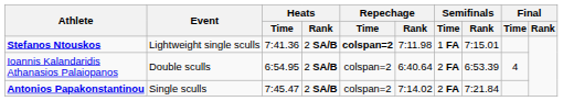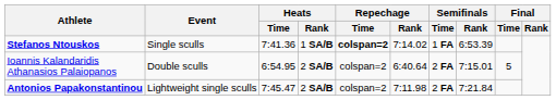 <table class="wikitable" style="font-size:90%">
 <tr>
 <th rowspan="2">Athlete</th>
 <th rowspan="2">Event</th>
 <th colspan="2">Heats</th>
 <th colspan="2">Repechage</th>
 <th colspan="2">Semifinals</th>
 <th colspan="2">Final</th>
 </tr>
 <tr style="font-size:95%">
 <th>Time</th>
 <th>Rank</th>
 <th>Time</th>
 <th>Rank</th>
 <th>Time</th>
 <th>Rank</th>
 <th>Time</th>
 <th>Rank</th>
 </tr>
 <tr align=center>
 <td align=left><strong><a href='#'>Stefanos Ntouskos</a></strong></td>
-<td align=left>Lightweight single sculls</td>
+<td align=left>Single sculls</td>
 <td>7:41.36</td>
-<td>2 <strong>SA/B</strong></td>
+<td>1 <strong>SA/B</strong></td>
 <td><strong>colspan=2</strong></td>
-<td>7:11.98</td>
+<td>7:14.02</td>
 <td>1 <strong>FA</strong></td>
-<td>7:15.01</td>
+<td>6:53.39</td>
 <td></td>
 </tr>
 <tr align=center>
 <td align=left><a href='#'>Ioannis Kalandaridis</a><br><a href='#'>Athanasios Palaiopanos</a></td>
 <td align=left>Double sculls</td>
 <td>6:54.95</td>
 <td>2 <strong>SA/B</strong></td>
 <td>colspan=2</td>
 <td>6:40.64</td>
 <td>2 <strong>FA</strong></td>
-<td>6:53.39</td>
-<td>4</td>
+<td>7:15.01</td>
+<td>5</td>
 </tr>
 <tr align=center>
 <td align=left><strong><a href='#'>Antonios Papakonstantinou</a></strong></td>
-<td align=left>Single sculls</td>
+<td align=left>Lightweight single sculls</td>
 <td>7:45.47</td>
 <td>2 <strong>SA/B</strong></td>
 <td>colspan=2</td>
-<td>7:14.02</td>
+<td>7:11.98</td>
 <td>2 <strong>FA</strong></td>
 <td>7:21.84</td>
 <td></td>
 </tr>
 </table>
